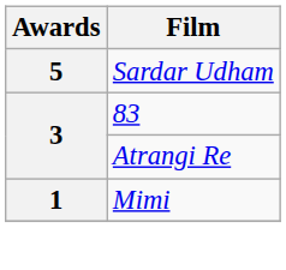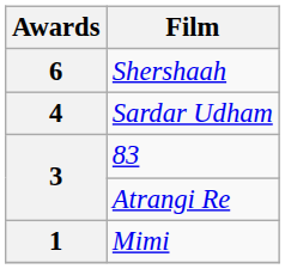 <table class="wikitable" style="display:inline-table;">
 <tr>
 <th>Awards</th>
 <th>Film</th>
 </tr>
 <tr>
-<th>5</th>
+<th>6</th>
+<td><em><a href='#'>Shershaah</a></em></td>
+</tr>
+<tr>
+<th>4</th>
 <td><em><a href='#'>Sardar Udham</a></em></td>
 </tr>
 <tr>
 <th rowspan="2">3</th>
 <td><em><a href='#'>83</a></em></td>
 </tr>
 <tr>
 <td><em><a href='#'>Atrangi Re</a></em></td>
 </tr>
 <tr>
 <th>1</th>
 <td><em><a href='#'>Mimi</a></em></td>
 </tr>
 <tr>
 </tr>
 </table>
